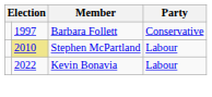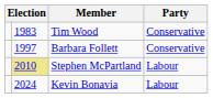 <table class="wikitable">
 <tr>
 <th colspan="2">Election</th>
 <th>Member</th>
 <th>Party</th>
+</tr>
+<tr>
+<td style="color:inherit;background-color: "></td>
+<td><a href='#'>1983</a></td>
+<td><a href='#'>Tim Wood</a></td>
+<td><a href='#'>Conservative</a></td>
 </tr>
 <tr>
 <td style="color:inherit;background-color: "></td>
 <td><a href='#'>1997</a></td>
 <td><a href='#'>Barbara Follett</a></td>
 <td><a href='#'>Conservative</a></td>
 </tr>
 <tr>
 <td style="color:inherit;background-color: "></td>
 <td style="background: khaki;"><a href='#'>2010</a></td>
 <td><a href='#'>Stephen McPartland</a></td>
 <td><a href='#'>Labour</a></td>
 </tr>
 <tr>
 <td style="color:inherit;background-color: "></td>
-<td><a href='#'>2022</a></td>
+<td><a href='#'>2024</a></td>
 <td><a href='#'>Kevin Bonavia</a></td>
 <td><a href='#'>Labour</a></td>
 </tr>
 </table>
